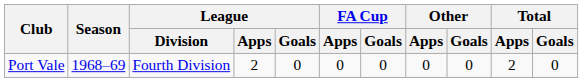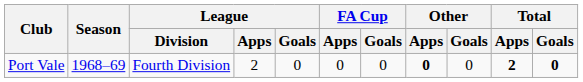 <table class="wikitable" style="text-align:center">
 <tr>
 <th rowspan="2">Club</th>
 <th rowspan="2">Season</th>
 <th colspan="3">League</th>
 <th colspan="2"><a href='#'>FA Cup</a></th>
 <th colspan="2">Other</th>
 <th colspan="2">Total</th>
 </tr>
 <tr>
 <th>Division</th>
 <th>Apps</th>
 <th>Goals</th>
 <th>Apps</th>
 <th>Goals</th>
 <th>Apps</th>
 <th>Goals</th>
 <th>Apps</th>
 <th>Goals</th>
 </tr>
 <tr>
 <td><a href='#'>Port Vale</a></td>
 <td><a href='#'>1968–69</a></td>
 <td><a href='#'>Fourth Division</a></td>
 <td>2</td>
 <td>0</td>
 <td>0</td>
 <td>0</td>
+<td><strong>0</strong></td>
 <td>0</td>
-<td>0</td>
-<td>2</td>
-<td>0</td>
+<td><strong>2</strong></td>
+<td><strong>0</strong></td>
 </tr>
 </table>
